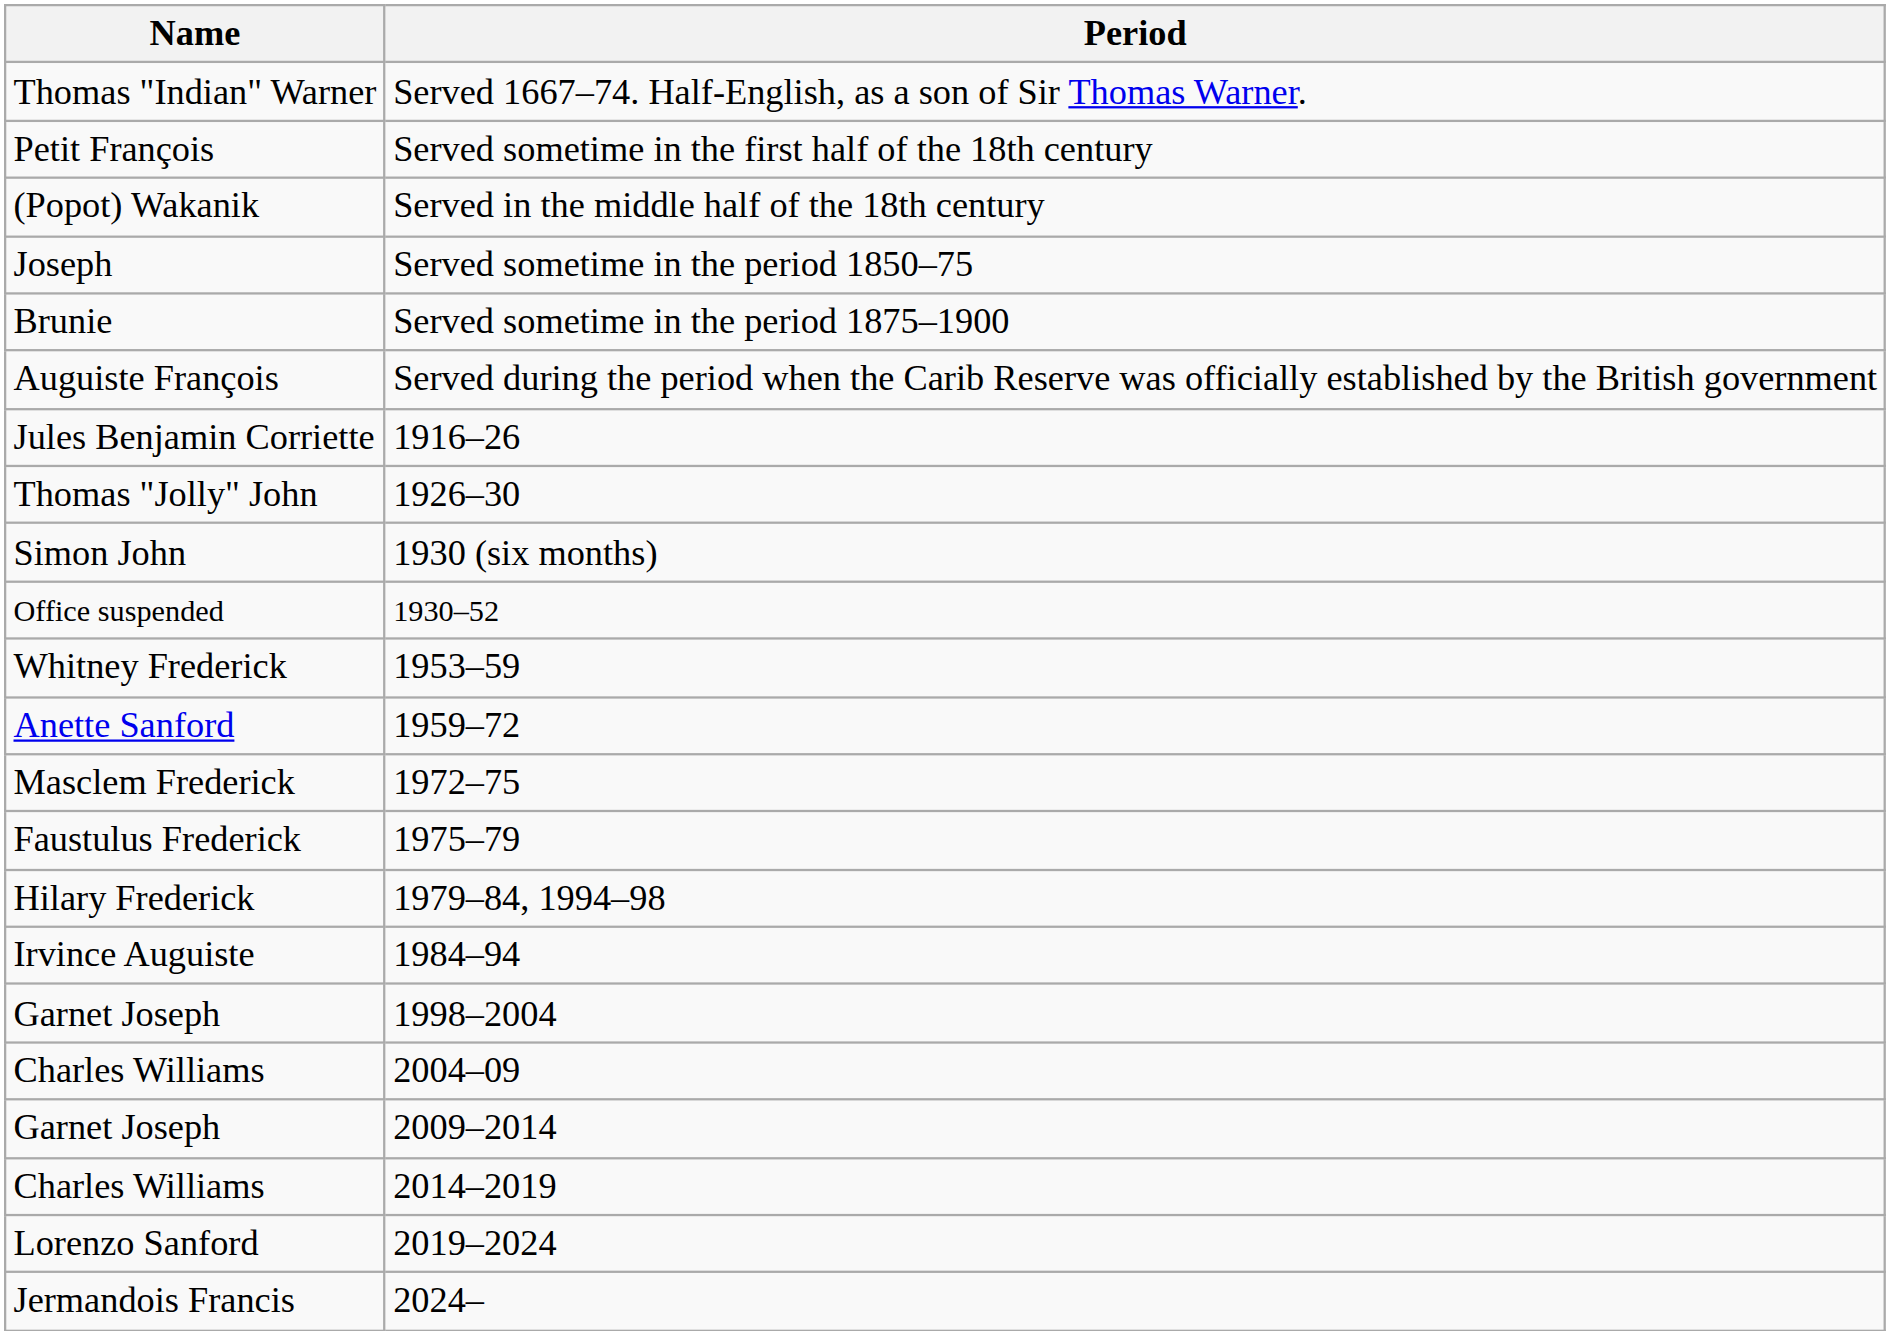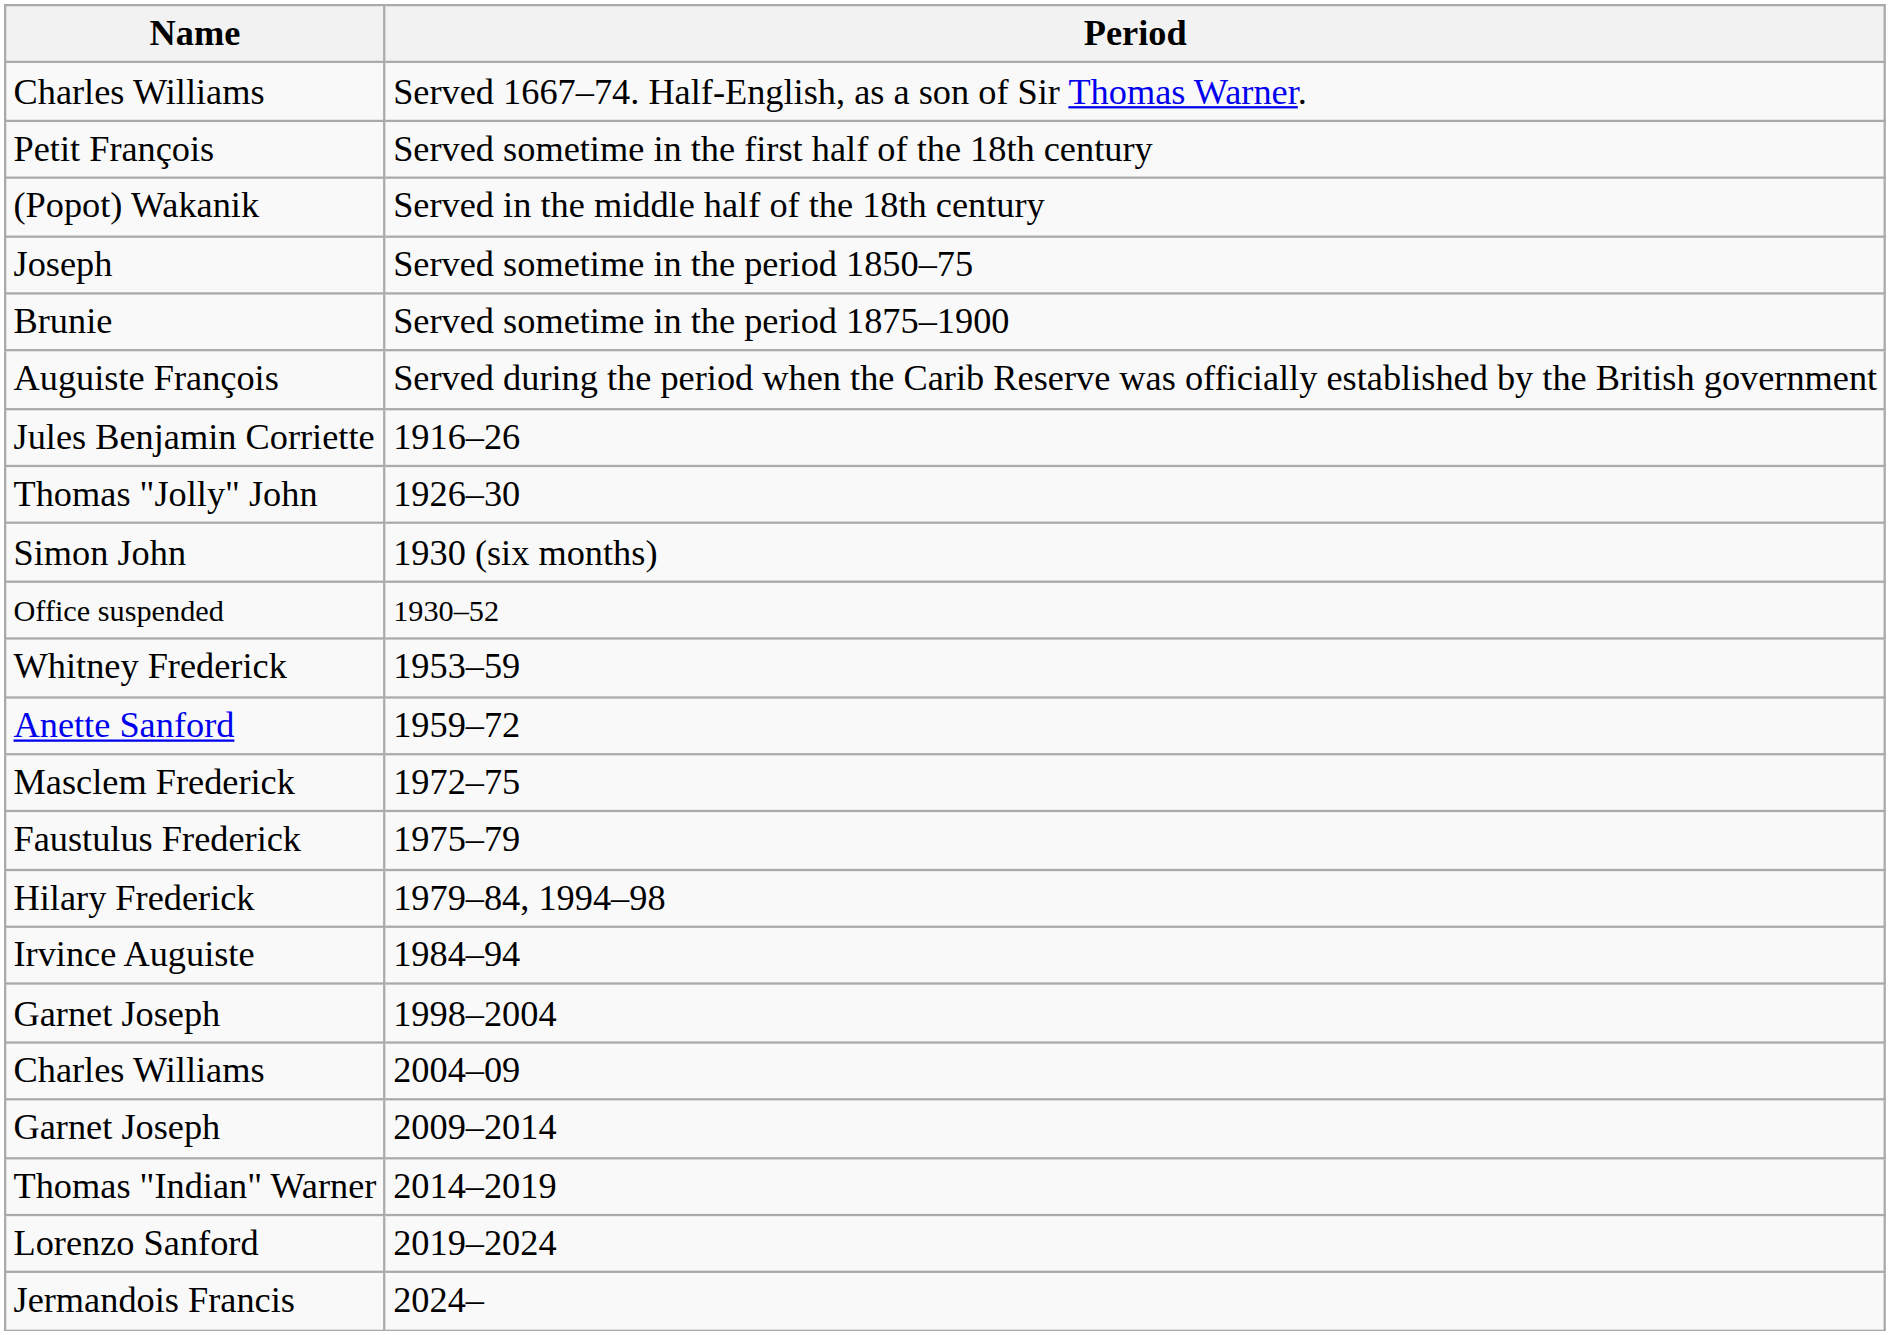 <table class="wikitable">
 <tr>
 <th>Name</th>
 <th>Period</th>
 </tr>
 <tr>
-<td>Thomas "Indian" Warner</td>
+<td>Charles Williams</td>
 <td>Served 1667–74.  Half-English, as a son of Sir <a href='#'>Thomas Warner</a>.</td>
 </tr>
 <tr>
 <td>Petit François</td>
 <td>Served sometime in the first half of the 18th century</td>
 </tr>
 <tr>
 <td>(Popot) Wakanik</td>
 <td>Served in the middle half of the 18th century</td>
 </tr>
 <tr>
 <td>Joseph</td>
 <td>Served sometime in the period 1850–75</td>
 </tr>
 <tr>
 <td>Brunie</td>
 <td>Served sometime in the period 1875–1900</td>
 </tr>
 <tr>
 <td>Auguiste François</td>
 <td>Served during the period when the Carib Reserve was officially established by the British government</td>
 </tr>
 <tr>
 <td>Jules Benjamin Corriette</td>
 <td>1916–26</td>
 </tr>
 <tr>
 <td>Thomas "Jolly" John</td>
 <td>1926–30</td>
 </tr>
 <tr>
 <td>Simon John</td>
 <td>1930 (six months)</td>
 </tr>
 <tr>
 <td><small>Office suspended</small></td>
 <td><small>1930–52</small></td>
 </tr>
 <tr>
 <td>Whitney Frederick</td>
 <td>1953–59</td>
 </tr>
 <tr>
 <td><a href='#'>Anette Sanford</a></td>
 <td>1959–72</td>
 </tr>
 <tr>
 <td>Masclem Frederick</td>
 <td>1972–75</td>
 </tr>
 <tr>
 <td>Faustulus Frederick</td>
 <td>1975–79</td>
 </tr>
 <tr>
 <td>Hilary Frederick</td>
 <td>1979–84, 1994–98</td>
 </tr>
 <tr>
 <td>Irvince Auguiste</td>
 <td>1984–94</td>
 </tr>
 <tr>
 <td>Garnet Joseph</td>
 <td>1998–2004</td>
 </tr>
 <tr>
 <td>Charles Williams</td>
 <td>2004–09</td>
 </tr>
 <tr>
 <td>Garnet Joseph</td>
 <td>2009–2014</td>
 </tr>
 <tr>
-<td>Charles Williams</td>
+<td>Thomas "Indian" Warner</td>
 <td>2014–2019</td>
 </tr>
 <tr>
 <td>Lorenzo Sanford</td>
 <td>2019–2024</td>
 </tr>
 <tr>
 <td>Jermandois Francis</td>
 <td>2024–</td>
 </tr>
 </table>
